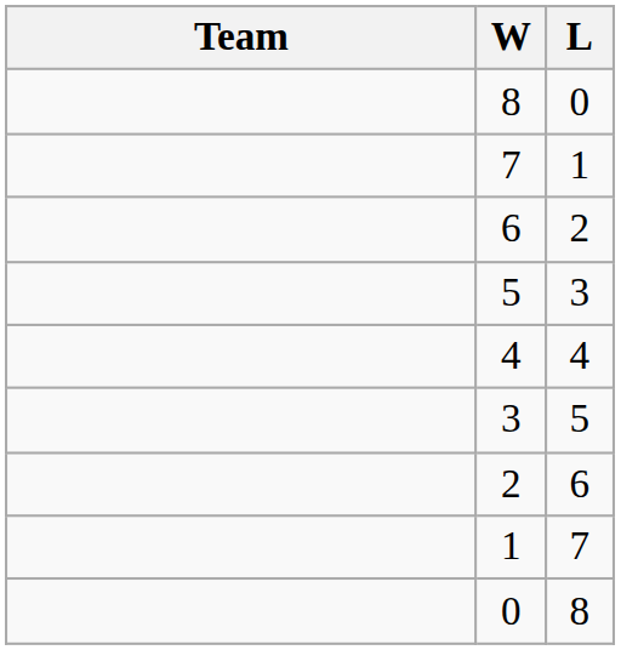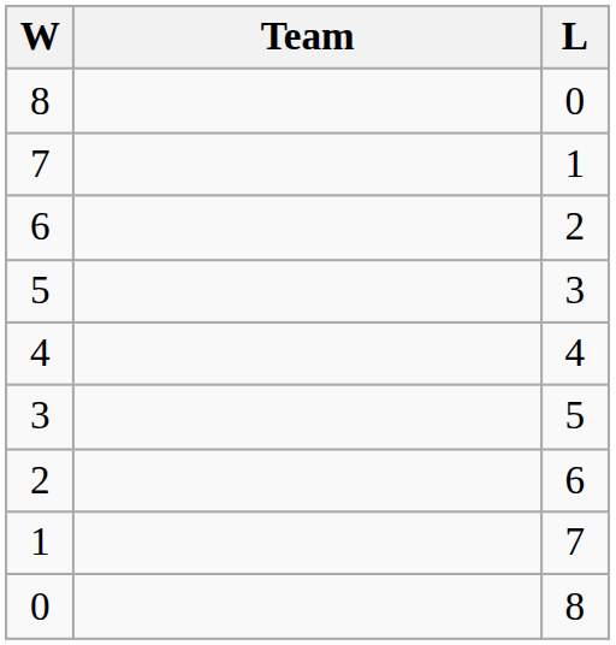 <table class="wikitable" style="text-align:center">
 <tr>
+<th width=20px>W</th>
 <th width=180px>Team</th>
-<th width=20px>W</th>
 <th width=20px>L</th>
 </tr>
 <tr>
+<td>8</td>
 <td align=left></td>
-<td>8</td>
 <td>0</td>
 </tr>
 <tr>
+<td>7</td>
 <td align=left></td>
-<td>7</td>
 <td>1</td>
 </tr>
 <tr>
+<td>6</td>
 <td align=left></td>
-<td>6</td>
 <td>2</td>
 </tr>
 <tr>
+<td>5</td>
 <td align=left></td>
-<td>5</td>
 <td>3</td>
 </tr>
 <tr>
+<td>4</td>
 <td align=left></td>
-<td>4</td>
 <td>4</td>
 </tr>
 <tr>
+<td>3</td>
 <td align=left></td>
-<td>3</td>
 <td>5</td>
 </tr>
 <tr>
+<td>2</td>
 <td align=left></td>
-<td>2</td>
 <td>6</td>
 </tr>
 <tr>
+<td>1</td>
 <td align=left></td>
-<td>1</td>
 <td>7</td>
 </tr>
 <tr>
+<td>0</td>
 <td align=left><strong></strong></td>
-<td>0</td>
 <td>8</td>
 </tr>
 </table>
